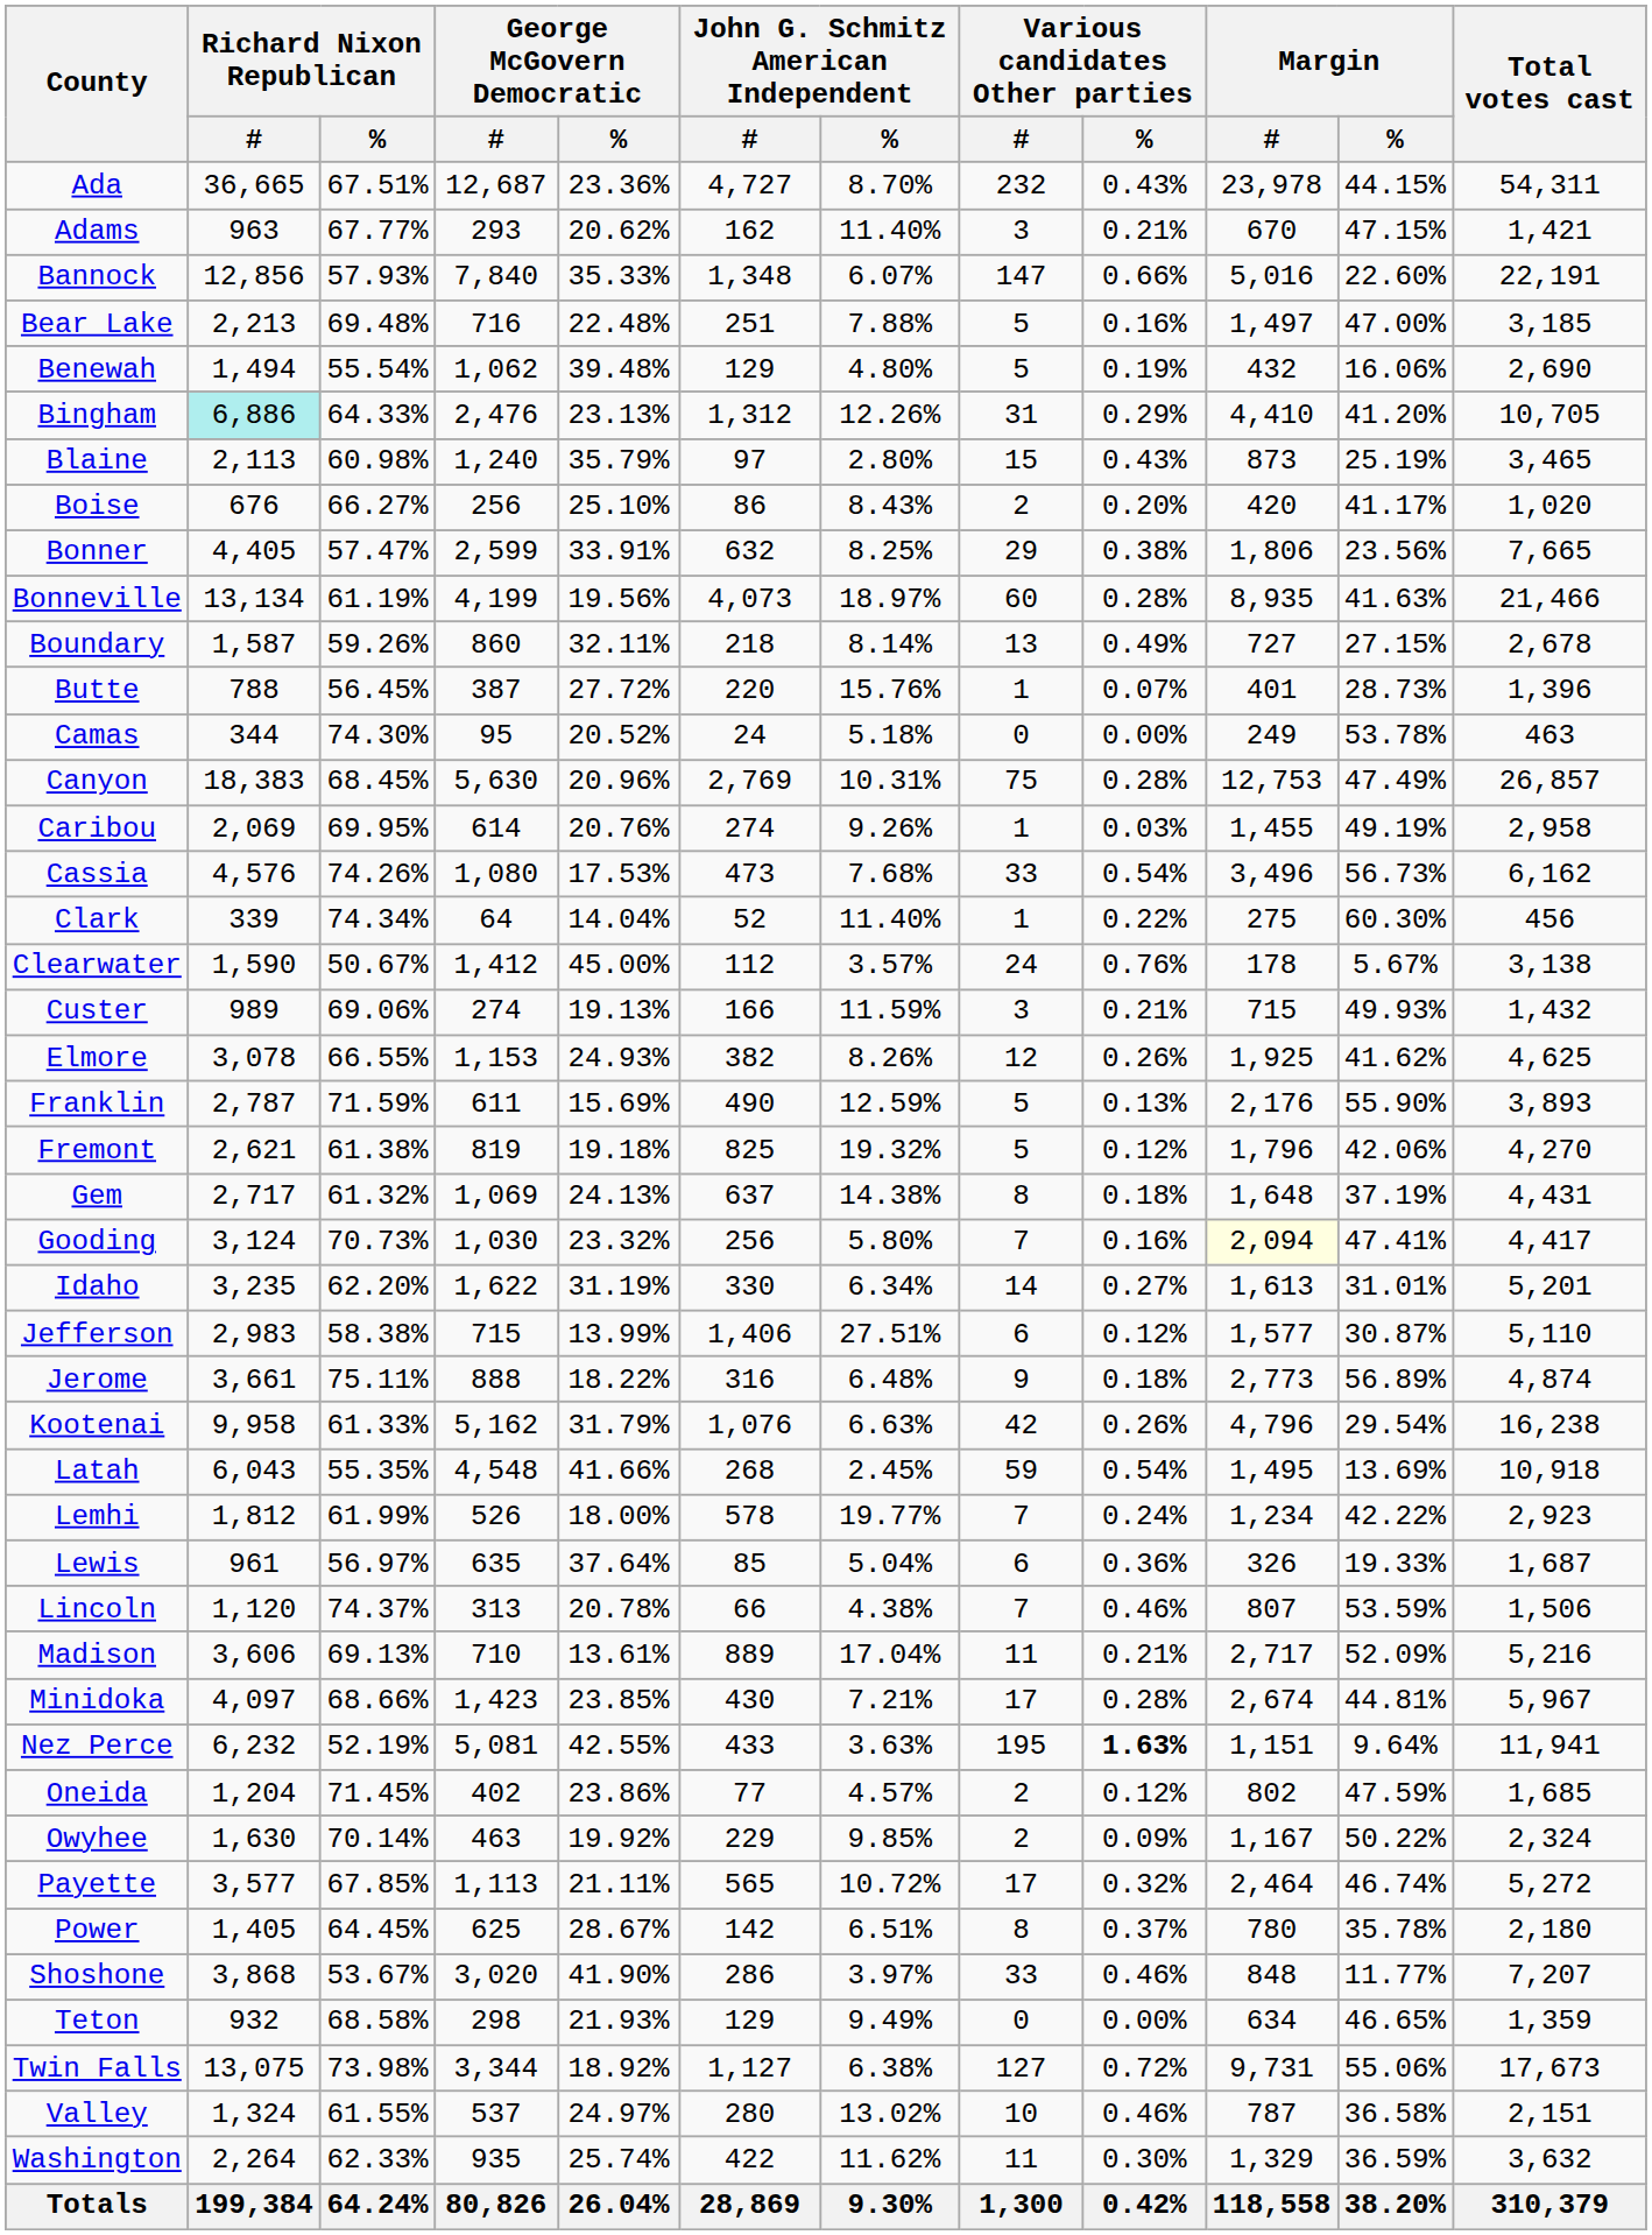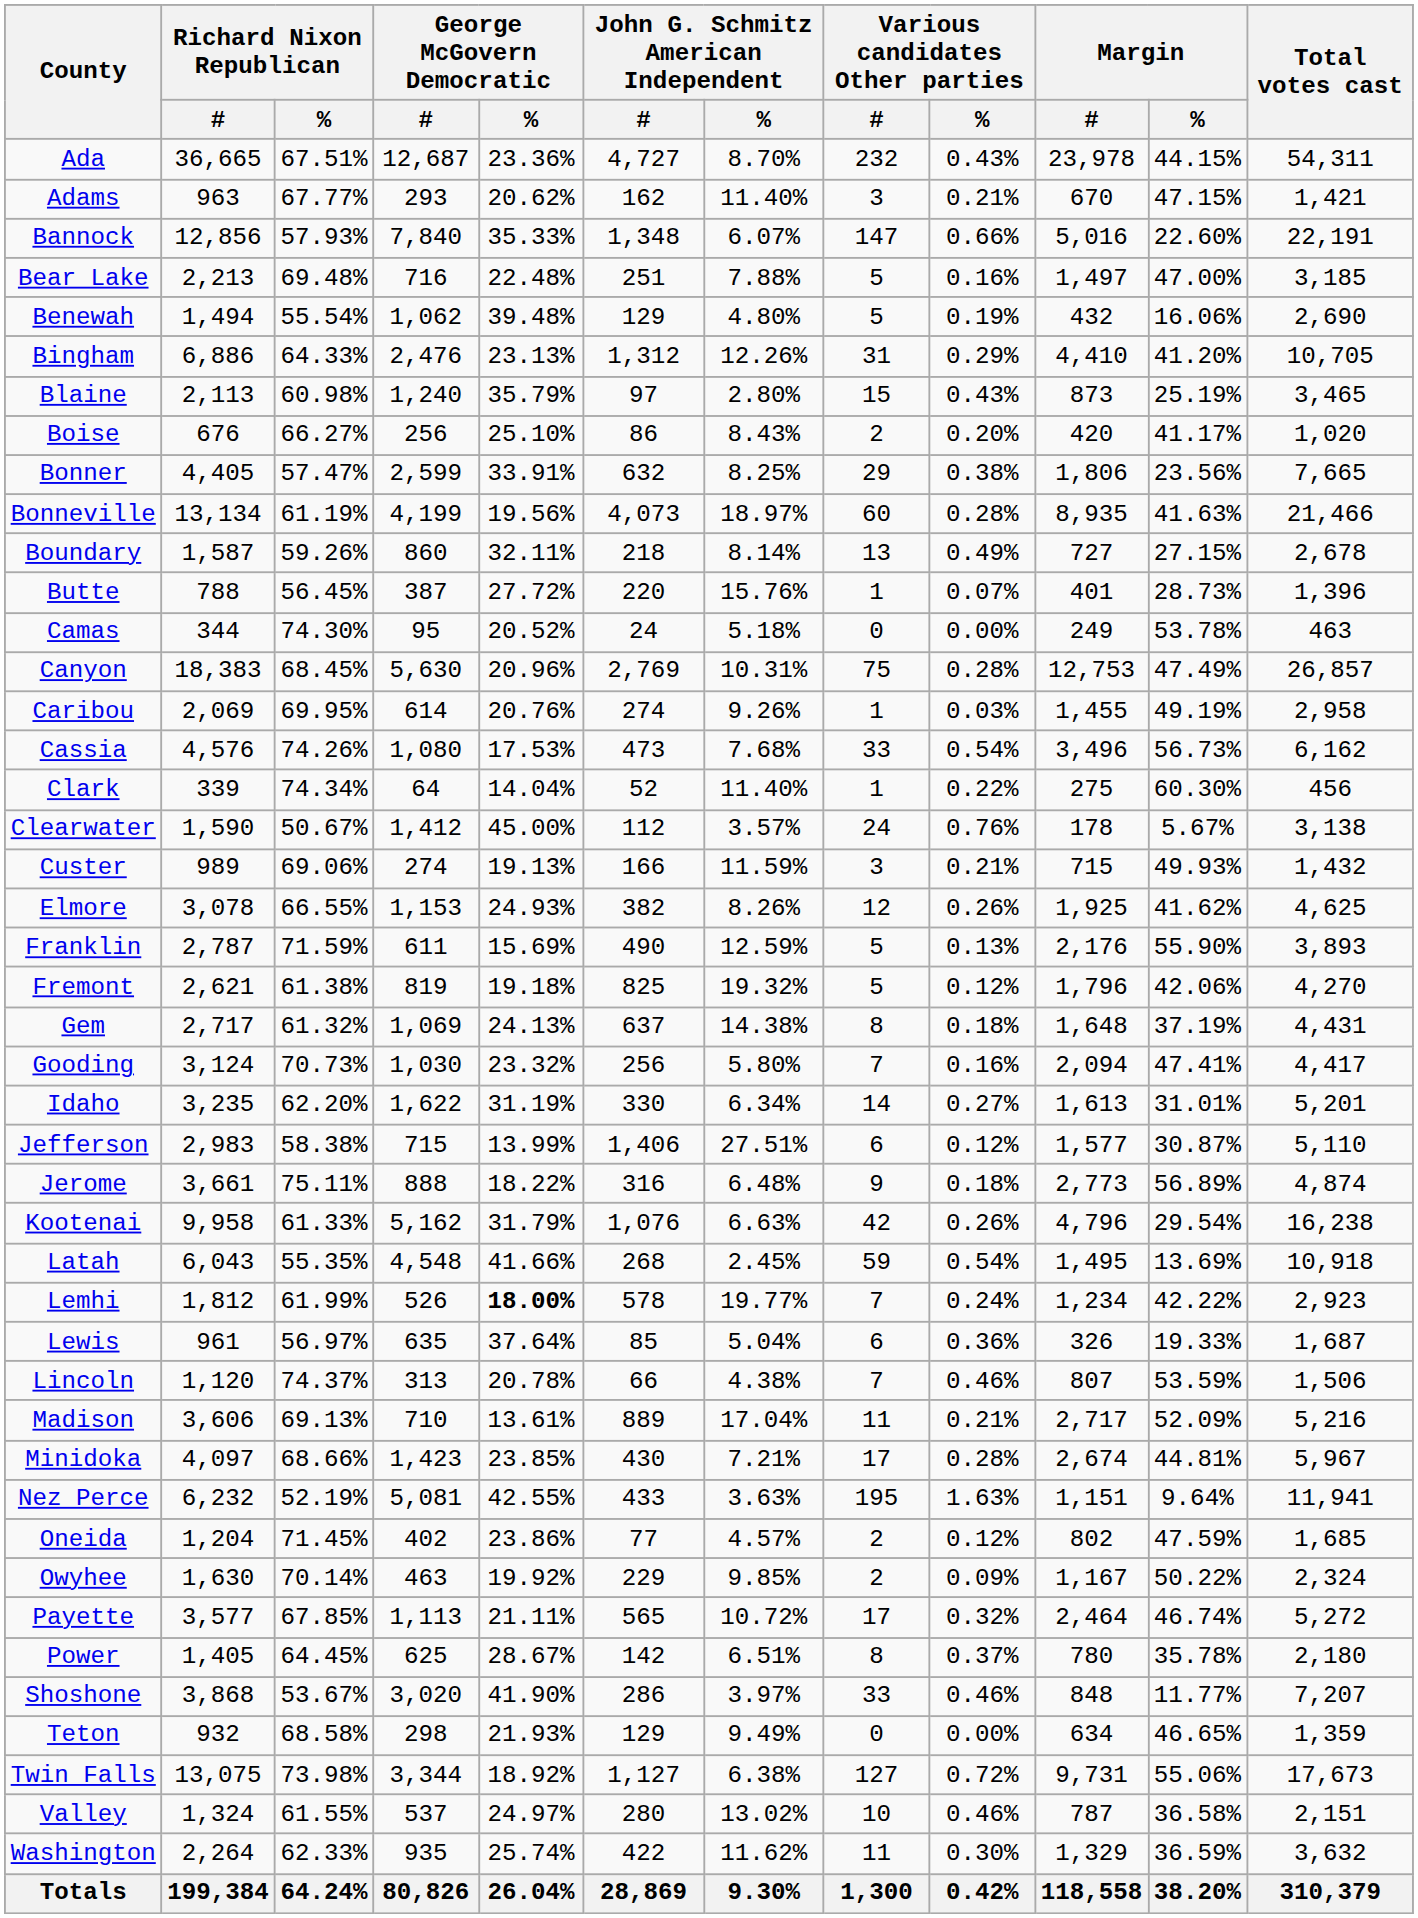 <table width="60%"  class="wikitable sortable" style="text-align:center">
 <tr>
 <th style="text-align:center;" rowspan="2">County</th>
 <th style="text-align:center;" colspan="2">Richard Nixon<br>Republican</th>
 <th style="text-align:center;" colspan="2">George McGovern<br>Democratic</th>
 <th style="text-align:center;" colspan="2">John G. Schmitz<br>American Independent</th>
 <th style="text-align:center;" colspan="2">Various candidates<br>Other parties</th>
 <th style="text-align:center;" colspan="2">Margin</th>
 <th style="text-align:center;" rowspan="2">Total votes cast</th>
 </tr>
 <tr>
 <th style="text-align:center;" data-sort-type="number">#</th>
 <th style="text-align:center;" data-sort-type="number">%</th>
 <th style="text-align:center;" data-sort-type="number">#</th>
 <th style="text-align:center;" data-sort-type="number">%</th>
 <th style="text-align:center;" data-sort-type="number">#</th>
 <th style="text-align:center;" data-sort-type="number">%</th>
 <th style="text-align:center;" data-sort-type="number">#</th>
 <th style="text-align:center;" data-sort-type="number">%</th>
 <th style="text-align:center;" data-sort-type="number">#</th>
 <th style="text-align:center;" data-sort-type="number">%</th>
 </tr>
 <tr style="text-align:center;">
 <td><a href='#'>Ada</a></td>
 <td>36,665</td>
 <td>67.51%</td>
 <td>12,687</td>
 <td>23.36%</td>
 <td>4,727</td>
 <td>8.70%</td>
 <td>232</td>
 <td>0.43%</td>
 <td>23,978</td>
 <td>44.15%</td>
 <td>54,311</td>
 </tr>
 <tr style="text-align:center;">
 <td><a href='#'>Adams</a></td>
 <td>963</td>
 <td>67.77%</td>
 <td>293</td>
 <td>20.62%</td>
 <td>162</td>
 <td>11.40%</td>
 <td>3</td>
 <td>0.21%</td>
 <td>670</td>
 <td>47.15%</td>
 <td>1,421</td>
 </tr>
 <tr style="text-align:center;">
 <td><a href='#'>Bannock</a></td>
 <td>12,856</td>
 <td>57.93%</td>
 <td>7,840</td>
 <td>35.33%</td>
 <td>1,348</td>
 <td>6.07%</td>
 <td>147</td>
 <td>0.66%</td>
 <td>5,016</td>
 <td>22.60%</td>
 <td>22,191</td>
 </tr>
 <tr style="text-align:center;">
 <td><a href='#'>Bear Lake</a></td>
 <td>2,213</td>
 <td>69.48%</td>
 <td>716</td>
 <td>22.48%</td>
 <td>251</td>
 <td>7.88%</td>
 <td>5</td>
 <td>0.16%</td>
 <td>1,497</td>
 <td>47.00%</td>
 <td>3,185</td>
 </tr>
 <tr style="text-align:center;">
 <td><a href='#'>Benewah</a></td>
 <td>1,494</td>
 <td>55.54%</td>
 <td>1,062</td>
 <td>39.48%</td>
 <td>129</td>
 <td>4.80%</td>
 <td>5</td>
 <td>0.19%</td>
 <td>432</td>
 <td>16.06%</td>
 <td>2,690</td>
 </tr>
 <tr style="text-align:center;">
 <td><a href='#'>Bingham</a></td>
-<td style="background: paleturquoise;">6,886</td>
+<td>6,886</td>
 <td>64.33%</td>
 <td>2,476</td>
 <td>23.13%</td>
 <td>1,312</td>
 <td>12.26%</td>
 <td>31</td>
 <td>0.29%</td>
 <td>4,410</td>
 <td>41.20%</td>
 <td>10,705</td>
 </tr>
 <tr style="text-align:center;">
 <td><a href='#'>Blaine</a></td>
 <td>2,113</td>
 <td>60.98%</td>
 <td>1,240</td>
 <td>35.79%</td>
 <td>97</td>
 <td>2.80%</td>
 <td>15</td>
 <td>0.43%</td>
 <td>873</td>
 <td>25.19%</td>
 <td>3,465</td>
 </tr>
 <tr style="text-align:center;">
 <td><a href='#'>Boise</a></td>
 <td>676</td>
 <td>66.27%</td>
 <td>256</td>
 <td>25.10%</td>
 <td>86</td>
 <td>8.43%</td>
 <td>2</td>
 <td>0.20%</td>
 <td>420</td>
 <td>41.17%</td>
 <td>1,020</td>
 </tr>
 <tr style="text-align:center;">
 <td><a href='#'>Bonner</a></td>
 <td>4,405</td>
 <td>57.47%</td>
 <td>2,599</td>
 <td>33.91%</td>
 <td>632</td>
 <td>8.25%</td>
 <td>29</td>
 <td>0.38%</td>
 <td>1,806</td>
 <td>23.56%</td>
 <td>7,665</td>
 </tr>
 <tr style="text-align:center;">
 <td><a href='#'>Bonneville</a></td>
 <td>13,134</td>
 <td>61.19%</td>
 <td>4,199</td>
 <td>19.56%</td>
 <td>4,073</td>
 <td>18.97%</td>
 <td>60</td>
 <td>0.28%</td>
 <td>8,935</td>
 <td>41.63%</td>
 <td>21,466</td>
 </tr>
 <tr style="text-align:center;">
 <td><a href='#'>Boundary</a></td>
 <td>1,587</td>
 <td>59.26%</td>
 <td>860</td>
 <td>32.11%</td>
 <td>218</td>
 <td>8.14%</td>
 <td>13</td>
 <td>0.49%</td>
 <td>727</td>
 <td>27.15%</td>
 <td>2,678</td>
 </tr>
 <tr style="text-align:center;">
 <td><a href='#'>Butte</a></td>
 <td>788</td>
 <td>56.45%</td>
 <td>387</td>
 <td>27.72%</td>
 <td>220</td>
 <td>15.76%</td>
 <td>1</td>
 <td>0.07%</td>
 <td>401</td>
 <td>28.73%</td>
 <td>1,396</td>
 </tr>
 <tr style="text-align:center;">
 <td><a href='#'>Camas</a></td>
 <td>344</td>
 <td>74.30%</td>
 <td>95</td>
 <td>20.52%</td>
 <td>24</td>
 <td>5.18%</td>
 <td>0</td>
 <td>0.00%</td>
 <td>249</td>
 <td>53.78%</td>
 <td>463</td>
 </tr>
 <tr style="text-align:center;">
 <td><a href='#'>Canyon</a></td>
 <td>18,383</td>
 <td>68.45%</td>
 <td>5,630</td>
 <td>20.96%</td>
 <td>2,769</td>
 <td>10.31%</td>
 <td>75</td>
 <td>0.28%</td>
 <td>12,753</td>
 <td>47.49%</td>
 <td>26,857</td>
 </tr>
 <tr style="text-align:center;">
 <td><a href='#'>Caribou</a></td>
 <td>2,069</td>
 <td>69.95%</td>
 <td>614</td>
 <td>20.76%</td>
 <td>274</td>
 <td>9.26%</td>
 <td>1</td>
 <td>0.03%</td>
 <td>1,455</td>
 <td>49.19%</td>
 <td>2,958</td>
 </tr>
 <tr style="text-align:center;">
 <td><a href='#'>Cassia</a></td>
 <td>4,576</td>
 <td>74.26%</td>
 <td>1,080</td>
 <td>17.53%</td>
 <td>473</td>
 <td>7.68%</td>
 <td>33</td>
 <td>0.54%</td>
 <td>3,496</td>
 <td>56.73%</td>
 <td>6,162</td>
 </tr>
 <tr style="text-align:center;">
 <td><a href='#'>Clark</a></td>
 <td>339</td>
 <td>74.34%</td>
 <td>64</td>
 <td>14.04%</td>
 <td>52</td>
 <td>11.40%</td>
 <td>1</td>
 <td>0.22%</td>
 <td>275</td>
 <td>60.30%</td>
 <td>456</td>
 </tr>
 <tr style="text-align:center;">
 <td><a href='#'>Clearwater</a></td>
 <td>1,590</td>
 <td>50.67%</td>
 <td>1,412</td>
 <td>45.00%</td>
 <td>112</td>
 <td>3.57%</td>
 <td>24</td>
 <td>0.76%</td>
 <td>178</td>
 <td>5.67%</td>
 <td>3,138</td>
 </tr>
 <tr style="text-align:center;">
 <td><a href='#'>Custer</a></td>
 <td>989</td>
 <td>69.06%</td>
 <td>274</td>
 <td>19.13%</td>
 <td>166</td>
 <td>11.59%</td>
 <td>3</td>
 <td>0.21%</td>
 <td>715</td>
 <td>49.93%</td>
 <td>1,432</td>
 </tr>
 <tr style="text-align:center;">
 <td><a href='#'>Elmore</a></td>
 <td>3,078</td>
 <td>66.55%</td>
 <td>1,153</td>
 <td>24.93%</td>
 <td>382</td>
 <td>8.26%</td>
 <td>12</td>
 <td>0.26%</td>
 <td>1,925</td>
 <td>41.62%</td>
 <td>4,625</td>
 </tr>
 <tr style="text-align:center;">
 <td><a href='#'>Franklin</a></td>
 <td>2,787</td>
 <td>71.59%</td>
 <td>611</td>
 <td>15.69%</td>
 <td>490</td>
 <td>12.59%</td>
 <td>5</td>
 <td>0.13%</td>
 <td>2,176</td>
 <td>55.90%</td>
 <td>3,893</td>
 </tr>
 <tr style="text-align:center;">
 <td><a href='#'>Fremont</a></td>
 <td>2,621</td>
 <td>61.38%</td>
 <td>819</td>
 <td>19.18%</td>
 <td>825</td>
 <td>19.32%</td>
 <td>5</td>
 <td>0.12%</td>
 <td>1,796</td>
 <td>42.06%</td>
 <td>4,270</td>
 </tr>
 <tr style="text-align:center;">
 <td><a href='#'>Gem</a></td>
 <td>2,717</td>
 <td>61.32%</td>
 <td>1,069</td>
 <td>24.13%</td>
 <td>637</td>
 <td>14.38%</td>
 <td>8</td>
 <td>0.18%</td>
 <td>1,648</td>
 <td>37.19%</td>
 <td>4,431</td>
 </tr>
 <tr style="text-align:center;">
 <td><a href='#'>Gooding</a></td>
 <td>3,124</td>
 <td>70.73%</td>
 <td>1,030</td>
 <td>23.32%</td>
 <td>256</td>
 <td>5.80%</td>
 <td>7</td>
 <td>0.16%</td>
-<td style="background: lightyellow;">2,094</td>
+<td>2,094</td>
 <td>47.41%</td>
 <td>4,417</td>
 </tr>
 <tr style="text-align:center;">
 <td><a href='#'>Idaho</a></td>
 <td>3,235</td>
 <td>62.20%</td>
 <td>1,622</td>
 <td>31.19%</td>
 <td>330</td>
 <td>6.34%</td>
 <td>14</td>
 <td>0.27%</td>
 <td>1,613</td>
 <td>31.01%</td>
 <td>5,201</td>
 </tr>
 <tr style="text-align:center;">
 <td><a href='#'>Jefferson</a></td>
 <td>2,983</td>
 <td>58.38%</td>
 <td>715</td>
 <td>13.99%</td>
 <td>1,406</td>
 <td>27.51%</td>
 <td>6</td>
 <td>0.12%</td>
 <td>1,577</td>
 <td>30.87%</td>
 <td>5,110</td>
 </tr>
 <tr style="text-align:center;">
 <td><a href='#'>Jerome</a></td>
 <td>3,661</td>
 <td>75.11%</td>
 <td>888</td>
 <td>18.22%</td>
 <td>316</td>
 <td>6.48%</td>
 <td>9</td>
 <td>0.18%</td>
 <td>2,773</td>
 <td>56.89%</td>
 <td>4,874</td>
 </tr>
 <tr style="text-align:center;">
 <td><a href='#'>Kootenai</a></td>
 <td>9,958</td>
 <td>61.33%</td>
 <td>5,162</td>
 <td>31.79%</td>
 <td>1,076</td>
 <td>6.63%</td>
 <td>42</td>
 <td>0.26%</td>
 <td>4,796</td>
 <td>29.54%</td>
 <td>16,238</td>
 </tr>
 <tr style="text-align:center;">
 <td><a href='#'>Latah</a></td>
 <td>6,043</td>
 <td>55.35%</td>
 <td>4,548</td>
 <td>41.66%</td>
 <td>268</td>
 <td>2.45%</td>
 <td>59</td>
 <td>0.54%</td>
 <td>1,495</td>
 <td>13.69%</td>
 <td>10,918</td>
 </tr>
 <tr style="text-align:center;">
 <td><a href='#'>Lemhi</a></td>
 <td>1,812</td>
 <td>61.99%</td>
 <td>526</td>
-<td>18.00%</td>
+<td><strong>18.00%</strong></td>
 <td>578</td>
 <td>19.77%</td>
 <td>7</td>
 <td>0.24%</td>
 <td>1,234</td>
 <td>42.22%</td>
 <td>2,923</td>
 </tr>
 <tr style="text-align:center;">
 <td><a href='#'>Lewis</a></td>
 <td>961</td>
 <td>56.97%</td>
 <td>635</td>
 <td>37.64%</td>
 <td>85</td>
 <td>5.04%</td>
 <td>6</td>
 <td>0.36%</td>
 <td>326</td>
 <td>19.33%</td>
 <td>1,687</td>
 </tr>
 <tr style="text-align:center;">
 <td><a href='#'>Lincoln</a></td>
 <td>1,120</td>
 <td>74.37%</td>
 <td>313</td>
 <td>20.78%</td>
 <td>66</td>
 <td>4.38%</td>
 <td>7</td>
 <td>0.46%</td>
 <td>807</td>
 <td>53.59%</td>
 <td>1,506</td>
 </tr>
 <tr style="text-align:center;">
 <td><a href='#'>Madison</a></td>
 <td>3,606</td>
 <td>69.13%</td>
 <td>710</td>
 <td>13.61%</td>
 <td>889</td>
 <td>17.04%</td>
 <td>11</td>
 <td>0.21%</td>
 <td>2,717</td>
 <td>52.09%</td>
 <td>5,216</td>
 </tr>
 <tr style="text-align:center;">
 <td><a href='#'>Minidoka</a></td>
 <td>4,097</td>
 <td>68.66%</td>
 <td>1,423</td>
 <td>23.85%</td>
 <td>430</td>
 <td>7.21%</td>
 <td>17</td>
 <td>0.28%</td>
 <td>2,674</td>
 <td>44.81%</td>
 <td>5,967</td>
 </tr>
 <tr style="text-align:center;">
 <td><a href='#'>Nez Perce</a></td>
 <td>6,232</td>
 <td>52.19%</td>
 <td>5,081</td>
 <td>42.55%</td>
 <td>433</td>
 <td>3.63%</td>
 <td>195</td>
-<td><strong>1.63%</strong></td>
+<td>1.63%</td>
 <td>1,151</td>
 <td>9.64%</td>
 <td>11,941</td>
 </tr>
 <tr style="text-align:center;">
 <td><a href='#'>Oneida</a></td>
 <td>1,204</td>
 <td>71.45%</td>
 <td>402</td>
 <td>23.86%</td>
 <td>77</td>
 <td>4.57%</td>
 <td>2</td>
 <td>0.12%</td>
 <td>802</td>
 <td>47.59%</td>
 <td>1,685</td>
 </tr>
 <tr style="text-align:center;">
 <td><a href='#'>Owyhee</a></td>
 <td>1,630</td>
 <td>70.14%</td>
 <td>463</td>
 <td>19.92%</td>
 <td>229</td>
 <td>9.85%</td>
 <td>2</td>
 <td>0.09%</td>
 <td>1,167</td>
 <td>50.22%</td>
 <td>2,324</td>
 </tr>
 <tr style="text-align:center;">
 <td><a href='#'>Payette</a></td>
 <td>3,577</td>
 <td>67.85%</td>
 <td>1,113</td>
 <td>21.11%</td>
 <td>565</td>
 <td>10.72%</td>
 <td>17</td>
 <td>0.32%</td>
 <td>2,464</td>
 <td>46.74%</td>
 <td>5,272</td>
 </tr>
 <tr style="text-align:center;">
 <td><a href='#'>Power</a></td>
 <td>1,405</td>
 <td>64.45%</td>
 <td>625</td>
 <td>28.67%</td>
 <td>142</td>
 <td>6.51%</td>
 <td>8</td>
 <td>0.37%</td>
 <td>780</td>
 <td>35.78%</td>
 <td>2,180</td>
 </tr>
 <tr style="text-align:center;">
 <td><a href='#'>Shoshone</a></td>
 <td>3,868</td>
 <td>53.67%</td>
 <td>3,020</td>
 <td>41.90%</td>
 <td>286</td>
 <td>3.97%</td>
 <td>33</td>
 <td>0.46%</td>
 <td>848</td>
 <td>11.77%</td>
 <td>7,207</td>
 </tr>
 <tr style="text-align:center;">
 <td><a href='#'>Teton</a></td>
 <td>932</td>
 <td>68.58%</td>
 <td>298</td>
 <td>21.93%</td>
 <td>129</td>
 <td>9.49%</td>
 <td>0</td>
 <td>0.00%</td>
 <td>634</td>
 <td>46.65%</td>
 <td>1,359</td>
 </tr>
 <tr style="text-align:center;">
 <td><a href='#'>Twin Falls</a></td>
 <td>13,075</td>
 <td>73.98%</td>
 <td>3,344</td>
 <td>18.92%</td>
 <td>1,127</td>
 <td>6.38%</td>
 <td>127</td>
 <td>0.72%</td>
 <td>9,731</td>
 <td>55.06%</td>
 <td>17,673</td>
 </tr>
 <tr style="text-align:center;">
 <td><a href='#'>Valley</a></td>
 <td>1,324</td>
 <td>61.55%</td>
 <td>537</td>
 <td>24.97%</td>
 <td>280</td>
 <td>13.02%</td>
 <td>10</td>
 <td>0.46%</td>
 <td>787</td>
 <td>36.58%</td>
 <td>2,151</td>
 </tr>
 <tr style="text-align:center;">
 <td><a href='#'>Washington</a></td>
 <td>2,264</td>
 <td>62.33%</td>
 <td>935</td>
 <td>25.74%</td>
 <td>422</td>
 <td>11.62%</td>
 <td>11</td>
 <td>0.30%</td>
 <td>1,329</td>
 <td>36.59%</td>
 <td>3,632</td>
 </tr>
 <tr style="text-align:center;">
 <th>Totals</th>
 <th>199,384</th>
 <th>64.24%</th>
 <th>80,826</th>
 <th>26.04%</th>
 <th>28,869</th>
 <th>9.30%</th>
 <th>1,300</th>
 <th>0.42%</th>
 <th>118,558</th>
 <th>38.20%</th>
 <th>310,379</th>
 </tr>
 </table>
